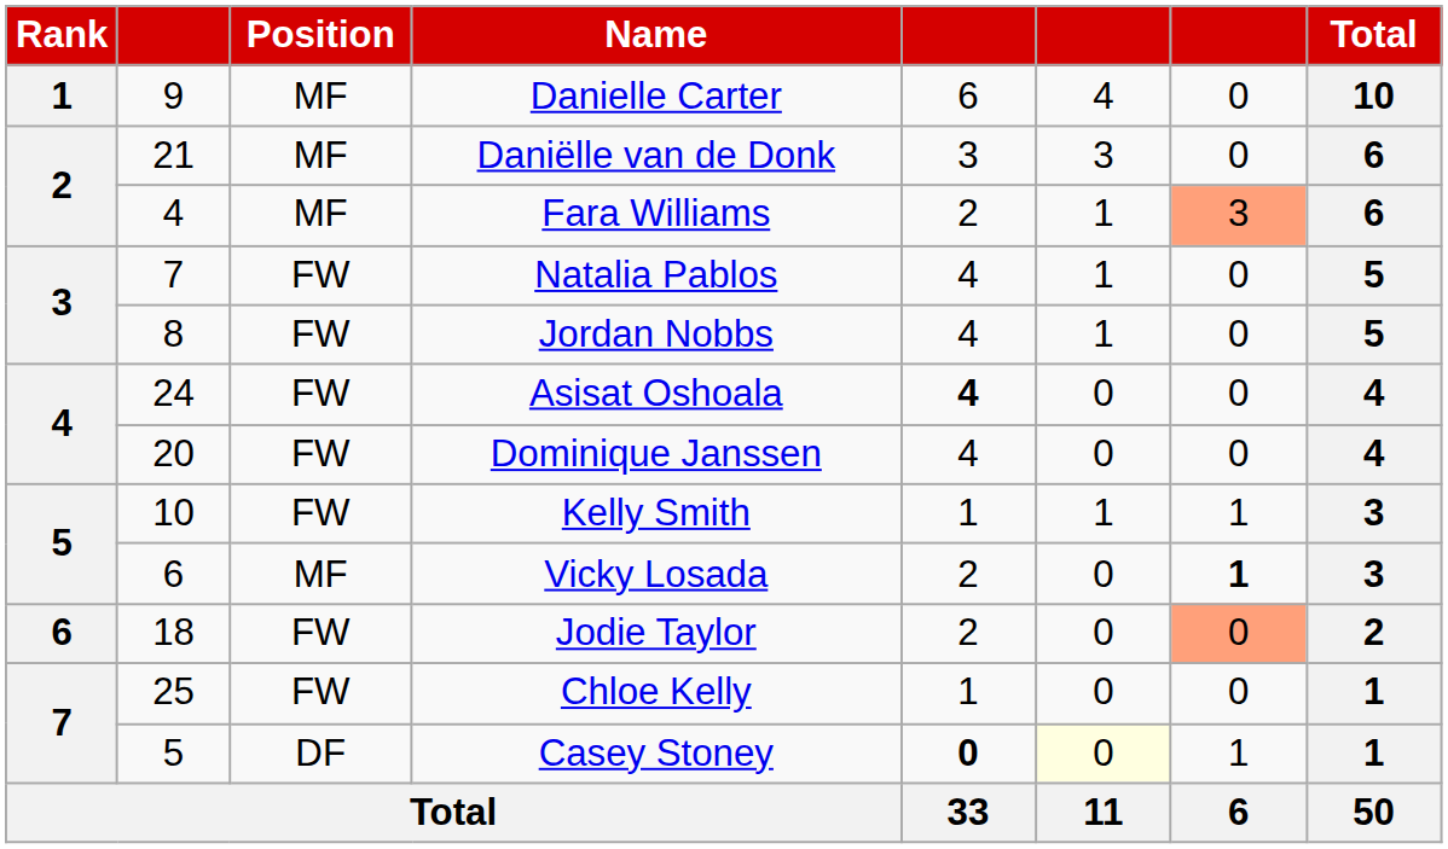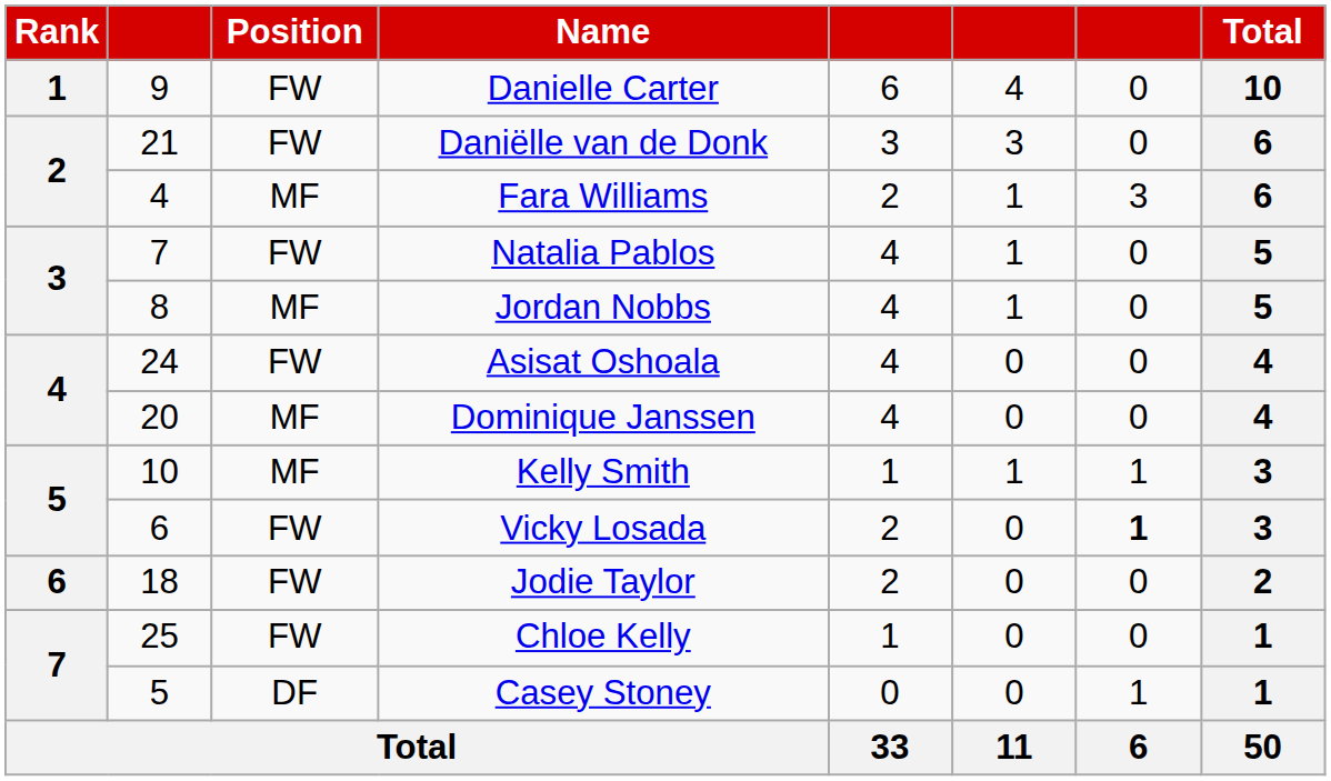 <table class="wikitable" style="text-align:center; font-size:100%; ">
 <tr>
 <th style="background:#d50000; color:white; text-align:center; width:40px">Rank</th>
 <th style="background:#d50000; color:white; text-align:center; width:40px"></th>
 <th style="background:#d50000; color:white; text-align:center; width:70px">Position</th>
 <th style="background:#d50000; color:white; text-align:center; width:200px">Name</th>
 <th style="background:#d50000; color:white; text-align:center; width:50px;"><a href='#'></a></th>
 <th style="background:#d50000; color:white; text-align:center; width:50px;"><a href='#'></a></th>
 <th style="background:#d50000; color:white; text-align:center; width:50px;"></th>
 <th style="background:#d50000; color:white; text-align:center; width:50px;">Total</th>
 </tr>
 <tr>
 <th>1</th>
 <td>9</td>
-<td>MF</td>
+<td>FW</td>
 <td> <a href='#'>Danielle Carter</a></td>
 <td>6</td>
 <td>4</td>
 <td>0</td>
 <th>10</th>
 </tr>
 <tr>
 <th rowspan="2">2</th>
 <td>21</td>
-<td>MF</td>
+<td>FW</td>
 <td> <a href='#'>Daniëlle van de Donk</a></td>
 <td>3</td>
 <td>3</td>
 <td>0</td>
 <th>6</th>
 </tr>
 <tr>
 <td>4</td>
 <td>MF</td>
 <td> <a href='#'>Fara Williams</a></td>
 <td>2</td>
 <td>1</td>
-<td style="background: lightsalmon;">3</td>
+<td>3</td>
 <th>6</th>
 </tr>
 <tr>
 <th rowspan="2">3</th>
 <td>7</td>
 <td>FW</td>
 <td> <a href='#'>Natalia Pablos</a></td>
 <td>4</td>
 <td>1</td>
 <td>0</td>
 <th>5</th>
 </tr>
 <tr>
 <td>8</td>
-<td>FW</td>
+<td>MF</td>
 <td> <a href='#'>Jordan Nobbs</a></td>
 <td>4</td>
 <td>1</td>
 <td>0</td>
 <th>5</th>
 </tr>
 <tr>
 <th rowspan="2">4</th>
 <td>24</td>
 <td>FW</td>
 <td> <a href='#'>Asisat Oshoala</a></td>
-<td><strong>4</strong></td>
+<td>4</td>
 <td>0</td>
 <td>0</td>
 <th>4</th>
 </tr>
 <tr>
 <td>20</td>
-<td>FW</td>
+<td>MF</td>
 <td> <a href='#'>Dominique Janssen</a></td>
 <td>4</td>
 <td>0</td>
 <td>0</td>
 <th>4</th>
 </tr>
 <tr>
 <th rowspan="2">5</th>
 <td>10</td>
-<td>FW</td>
+<td>MF</td>
 <td> <a href='#'>Kelly Smith</a></td>
 <td>1</td>
 <td>1</td>
 <td>1</td>
 <th>3</th>
 </tr>
 <tr>
 <td>6</td>
-<td>MF</td>
+<td>FW</td>
 <td> <a href='#'>Vicky Losada</a></td>
 <td>2</td>
 <td>0</td>
 <td><strong>1</strong></td>
 <th>3</th>
 </tr>
 <tr>
 <th>6</th>
 <td>18</td>
 <td>FW</td>
 <td> <a href='#'>Jodie Taylor</a></td>
 <td>2</td>
 <td>0</td>
-<td style="background: lightsalmon;">0</td>
+<td>0</td>
 <th>2</th>
 </tr>
 <tr>
 <th rowspan="2">7</th>
 <td>25</td>
 <td>FW</td>
 <td> <a href='#'>Chloe Kelly</a></td>
 <td>1</td>
 <td>0</td>
 <td>0</td>
 <th>1</th>
 </tr>
 <tr>
 <td>5</td>
 <td>DF</td>
 <td> <a href='#'>Casey Stoney</a></td>
-<td><strong>0</strong></td>
-<td style="background: lightyellow;">0</td>
+<td>0</td>
+<td>0</td>
 <td>1</td>
 <th>1</th>
 </tr>
 <tr>
 <th colspan="4">Total</th>
 <th>33</th>
 <th>11</th>
 <th>6</th>
 <th>50</th>
 </tr>
 </table>
